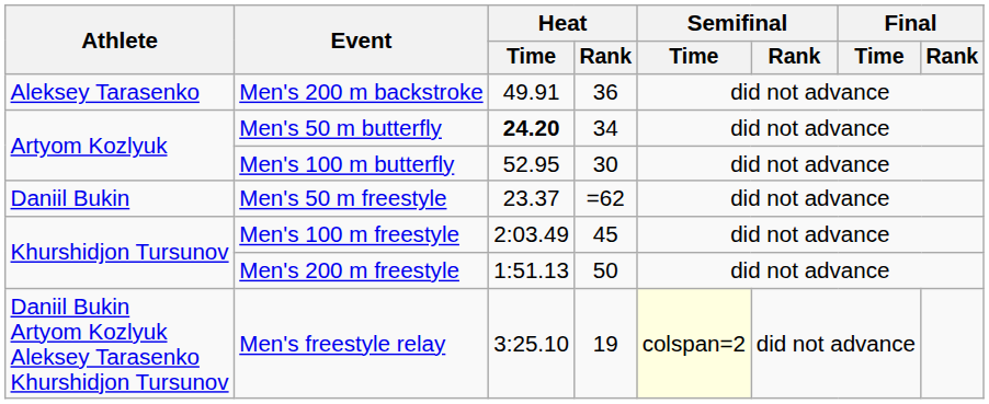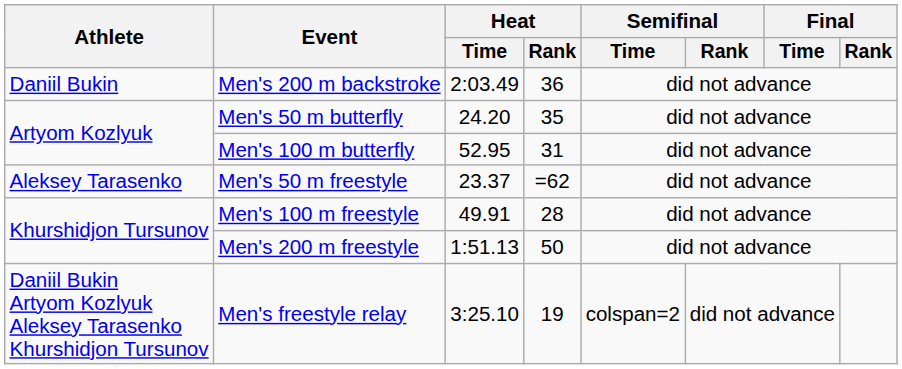 <table class=wikitable style="font-size:90%">
 <tr>
 <th rowspan="2">Athlete</th>
 <th rowspan="2">Event</th>
 <th colspan="2">Heat</th>
 <th colspan="2">Semifinal</th>
 <th colspan="2">Final</th>
 </tr>
 <tr style="font-size:95%">
 <th>Time</th>
 <th>Rank</th>
 <th>Time</th>
 <th>Rank</th>
 <th>Time</th>
 <th>Rank</th>
 </tr>
 <tr align=center>
-<td align=left><a href='#'>Aleksey Tarasenko</a></td>
+<td align=left><a href='#'>Daniil Bukin</a></td>
 <td align=left><a href='#'>Men's 200 m backstroke</a></td>
-<td>49.91</td>
+<td>2:03.49</td>
 <td>36</td>
 <td colspan=4>did not advance</td>
 </tr>
 <tr align=center>
 <td align=left rowspan=2><a href='#'>Artyom Kozlyuk</a></td>
 <td align=left><a href='#'>Men's 50 m butterfly</a></td>
-<td><strong>24.20</strong></td>
-<td>34</td>
+<td>24.20</td>
+<td>35</td>
 <td colspan=4>did not advance</td>
 </tr>
 <tr align=center>
 <td align=left><a href='#'>Men's 100 m butterfly</a></td>
 <td>52.95</td>
-<td>30</td>
+<td>31</td>
 <td colspan=4>did not advance</td>
 </tr>
 <tr align=center>
-<td align=left><a href='#'>Daniil Bukin</a></td>
+<td align=left><a href='#'>Aleksey Tarasenko</a></td>
 <td align=left><a href='#'>Men's 50 m freestyle</a></td>
 <td>23.37</td>
 <td>=62</td>
 <td colspan=4>did not advance</td>
 </tr>
 <tr align=center>
 <td align=left rowspan=2><a href='#'>Khurshidjon Tursunov</a></td>
 <td align=left><a href='#'>Men's 100 m freestyle</a></td>
-<td>2:03.49</td>
-<td>45</td>
+<td>49.91</td>
+<td>28</td>
 <td colspan=4>did not advance</td>
 </tr>
 <tr align=center>
 <td align=left><a href='#'>Men's 200 m freestyle</a></td>
 <td>1:51.13</td>
 <td>50</td>
 <td colspan=4>did not advance</td>
 </tr>
 <tr align=center>
 <td align=left><a href='#'>Daniil Bukin</a><br><a href='#'>Artyom Kozlyuk</a><br><a href='#'>Aleksey Tarasenko</a><br><a href='#'>Khurshidjon Tursunov</a></td>
 <td align=left><a href='#'>Men's  freestyle relay</a></td>
 <td>3:25.10</td>
 <td>19</td>
-<td style="background: lightyellow;">colspan=2 </td>
+<td>colspan=2 </td>
 <td colspan=2>did not advance</td>
 </tr>
 </table>
